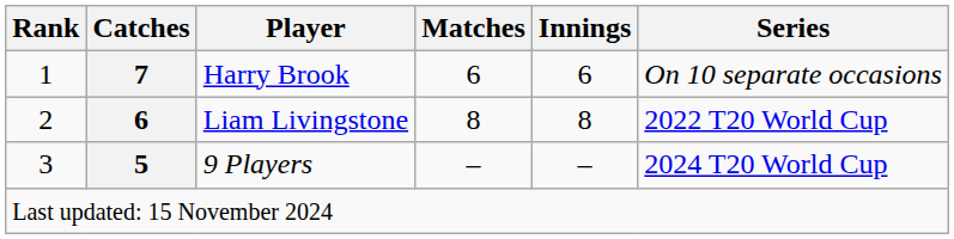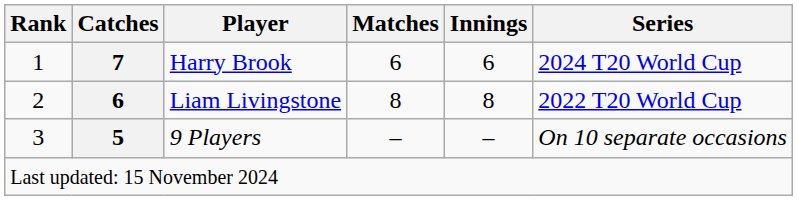 <table class="wikitable plainrowheaders">
 <tr>
 <th scope=col>Rank</th>
 <th scope=col>Catches</th>
 <th scope=col>Player</th>
 <th scope=col>Matches</th>
 <th scope=col>Innings</th>
 <th scope=col>Series</th>
 </tr>
 <tr>
 <td align=center>1</td>
 <th scope=row style=text-align:center;>7</th>
 <td><a href='#'>Harry Brook</a></td>
 <td align=center>6</td>
 <td align=center>6</td>
-<td><em>On 10 separate occasions</em></td>
+<td><a href='#'>2024 T20 World Cup</a></td>
 </tr>
 <tr>
 <td align=center>2</td>
 <th scope=row style=text-align:center;>6</th>
 <td><a href='#'>Liam Livingstone</a></td>
 <td align=center>8</td>
 <td align=center>8</td>
 <td><a href='#'>2022 T20 World Cup</a></td>
 </tr>
 <tr>
 <td align=center>3</td>
 <th scope=row style=text-align:center;>5</th>
 <td><em>9 Players</em></td>
 <td align=center>–</td>
 <td align=center>–</td>
-<td><a href='#'>2024 T20 World Cup</a></td>
+<td><em>On 10 separate occasions</em></td>
 </tr>
 <tr>
 <td colspan=6><small>Last updated: 15 November 2024</small></td>
 </tr>
 </table>
